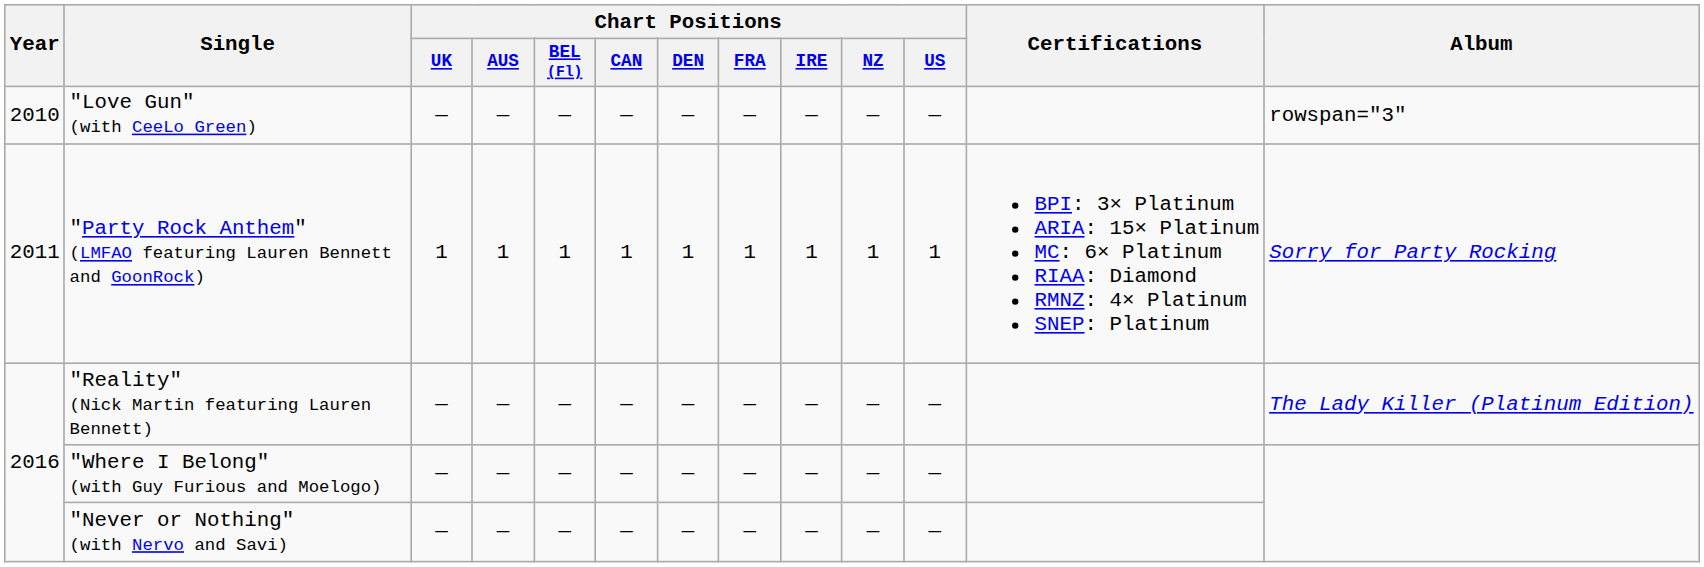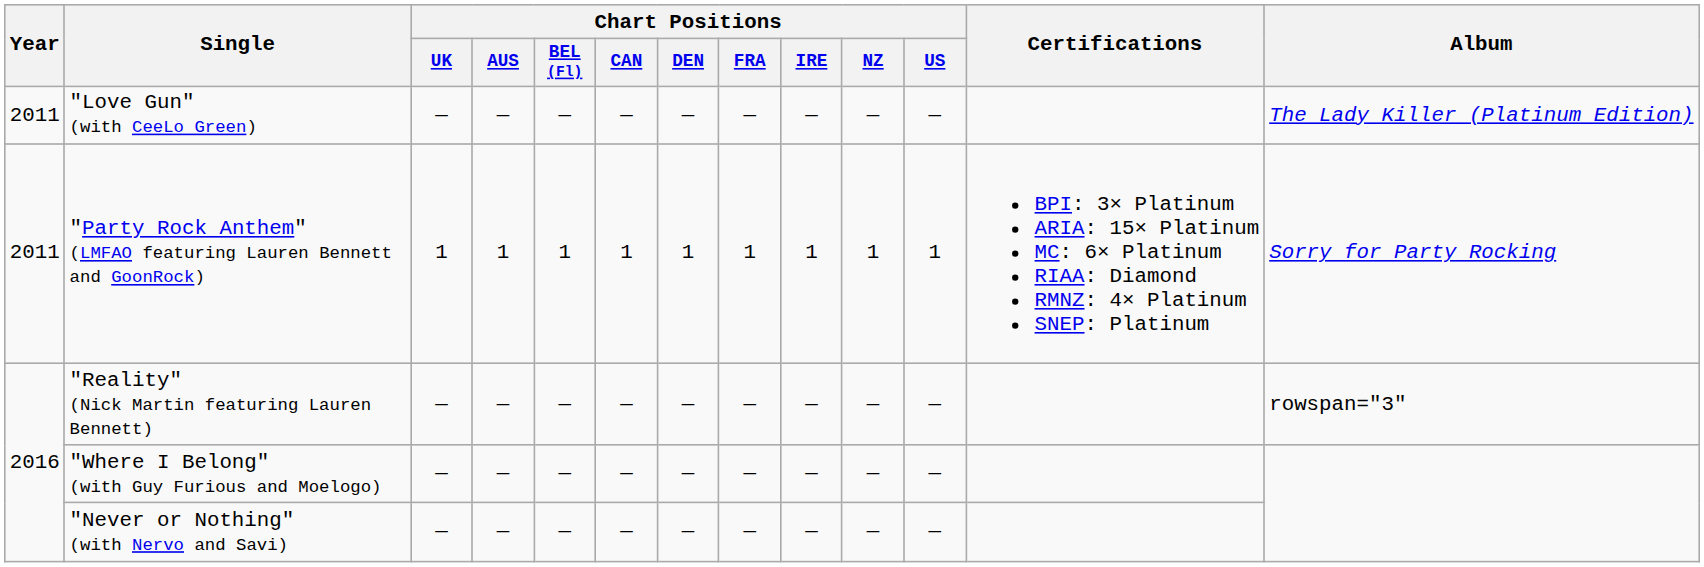 <table class="wikitable">
 <tr>
 <th rowspan="2">Year</th>
 <th rowspan="2" style="width:210px;">Single</th>
 <th colspan="9">Chart Positions</th>
 <th rowspan="2">Certifications</th>
 <th rowspan="2">Album</th>
 </tr>
 <tr>
 <th style="width:3em;font-size:85%"><a href='#'>UK</a></th>
 <th style="width:3em;font-size:85%"><a href='#'>AUS</a></th>
 <th style="width:3em;font-size:85%"><a href='#'>BEL <small>(Fl)</small></a></th>
 <th style="width:3em;font-size:85%"><a href='#'>CAN</a></th>
 <th style="width:3em;font-size:85%"><a href='#'>DEN</a></th>
 <th style="width:3em;font-size:85%"><a href='#'>FRA</a></th>
 <th style="width:3em;font-size:85%"><a href='#'>IRE</a></th>
 <th style="width:3em;font-size:85%"><a href='#'>NZ</a></th>
 <th style="width:3em;font-size:85%"><a href='#'>US</a></th>
 </tr>
 <tr>
-<td>2010</td>
+<td>2011</td>
 <td>"Love Gun"<br><small>(with <a href='#'>CeeLo Green</a>)</small></td>
 <td style="text-align:center;">—</td>
 <td style="text-align:center;">—</td>
 <td style="text-align:center;">—</td>
 <td style="text-align:center;">—</td>
 <td style="text-align:center;">—</td>
 <td style="text-align:center;">—</td>
 <td style="text-align:center;">—</td>
 <td style="text-align:center;">—</td>
 <td style="text-align:center;">—</td>
 <td></td>
-<td>rowspan="3" </td>
+<td><a href='#'><em>The Lady Killer (Platinum Edition)</em></a></td>
 </tr>
 <tr>
 <td>2011</td>
 <td>"<a href='#'>Party Rock Anthem</a>"<br><small>(<a href='#'>LMFAO</a> featuring Lauren Bennett and <a href='#'>GoonRock</a>)</small></td>
 <td style="text-align:center;">1</td>
 <td style="text-align:center;">1</td>
 <td style="text-align:center;">1</td>
 <td style="text-align:center;">1</td>
 <td style="text-align:center;">1</td>
 <td style="text-align:center;">1</td>
 <td style="text-align:center;">1</td>
 <td style="text-align:center;">1</td>
 <td style="text-align:center;">1</td>
 <td><br><ul><li><a href='#'>BPI</a>: 3× Platinum</li><li><a href='#'>ARIA</a>: 15× Platinum</li><li><a href='#'>MC</a>: 6× Platinum</li><li><a href='#'>RIAA</a>: Diamond</li><li><a href='#'>RMNZ</a>: 4× Platinum</li><li><a href='#'>SNEP</a>: Platinum</li></ul></td>
 <td><em><a href='#'>Sorry for Party Rocking</a></em></td>
 </tr>
 <tr>
 <td rowspan="3">2016</td>
 <td>"Reality"<br><small>(Nick Martin featuring Lauren Bennett)</small></td>
 <td style="text-align:center;">—</td>
 <td style="text-align:center;">—</td>
 <td style="text-align:center;">—</td>
 <td style="text-align:center;">—</td>
 <td style="text-align:center;">—</td>
 <td style="text-align:center;">—</td>
 <td style="text-align:center;">—</td>
 <td style="text-align:center;">—</td>
 <td style="text-align:center;">—</td>
 <td></td>
-<td><a href='#'><em>The Lady Killer (Platinum Edition)</em></a></td>
+<td>rowspan="3" </td>
 </tr>
 <tr>
 <td>"Where I Belong"<br><small>(with Guy Furious and Moelogo)</small></td>
 <td style="text-align:center;">—</td>
 <td style="text-align:center;">—</td>
 <td style="text-align:center;">—</td>
 <td style="text-align:center;">—</td>
 <td style="text-align:center;">—</td>
 <td style="text-align:center;">—</td>
 <td style="text-align:center;">—</td>
 <td style="text-align:center;">—</td>
 <td style="text-align:center;">—</td>
 <td></td>
 </tr>
 <tr>
 <td>"Never or Nothing"<br><small>(with <a href='#'>Nervo</a> and Savi)</small></td>
 <td style="text-align:center;">—</td>
 <td style="text-align:center;">—</td>
 <td style="text-align:center;">—</td>
 <td style="text-align:center;">—</td>
 <td style="text-align:center;">—</td>
 <td style="text-align:center;">—</td>
 <td style="text-align:center;">—</td>
 <td style="text-align:center;">—</td>
 <td style="text-align:center;">—</td>
 <td></td>
 </tr>
 </table>
